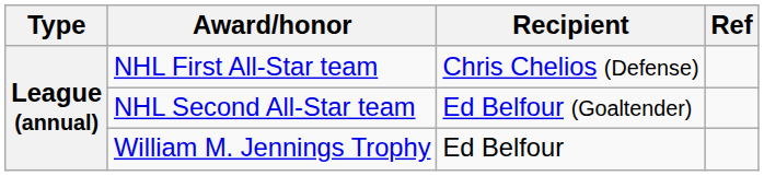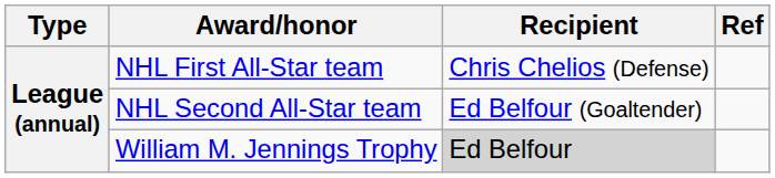 <table class="wikitable">
 <tr>
 <th scope="col">Type</th>
 <th scope="col">Award/honor</th>
 <th scope="col">Recipient</th>
 <th scope="col">Ref</th>
 </tr>
 <tr>
 <th scope="row" rowspan="3">League<br><small>(annual)</small></th>
 <td><a href='#'>NHL First All-Star team</a></td>
 <td><a href='#'>Chris Chelios</a> <small>(Defense)</small></td>
 <td></td>
 </tr>
 <tr>
 <td><a href='#'>NHL Second All-Star team</a></td>
 <td><a href='#'>Ed Belfour</a> <small>(Goaltender)</small></td>
 <td></td>
 </tr>
 <tr>
 <td><a href='#'>William M. Jennings Trophy</a></td>
-<td>Ed Belfour</td>
+<td style="background: lightgrey;">Ed Belfour</td>
 <td></td>
 </tr>
 </table>
